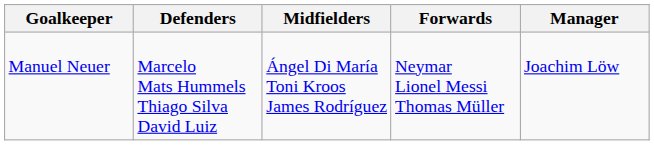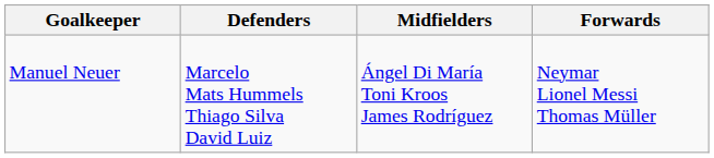 <table class="wikitable">
 <tr>
 <th style="width:20%">Goalkeeper</th>
 <th style="width:20%">Defenders</th>
 <th style="width:20%">Midfielders</th>
 <th style="width:20%">Forwards</th>
-<th style="width:20%">Manager</th>
 </tr>
 <tr>
 <td valign=top><br> <a href='#'>Manuel Neuer</a></td>
 <td valign=top><br> <a href='#'>Marcelo</a><br>  <a href='#'>Mats Hummels</a><br>  <a href='#'>Thiago Silva</a><br>  <a href='#'>David Luiz</a></td>
 <td valign=top><br> <a href='#'>Ángel Di María</a><br>  <a href='#'>Toni Kroos</a><br>  <a href='#'>James Rodríguez</a></td>
 <td valign=top><br> <a href='#'>Neymar</a><br>  <a href='#'>Lionel Messi</a><br>  <a href='#'>Thomas Müller</a></td>
-<td valign=top><br> <a href='#'>Joachim Löw</a></td>
 </tr>
 </table>
